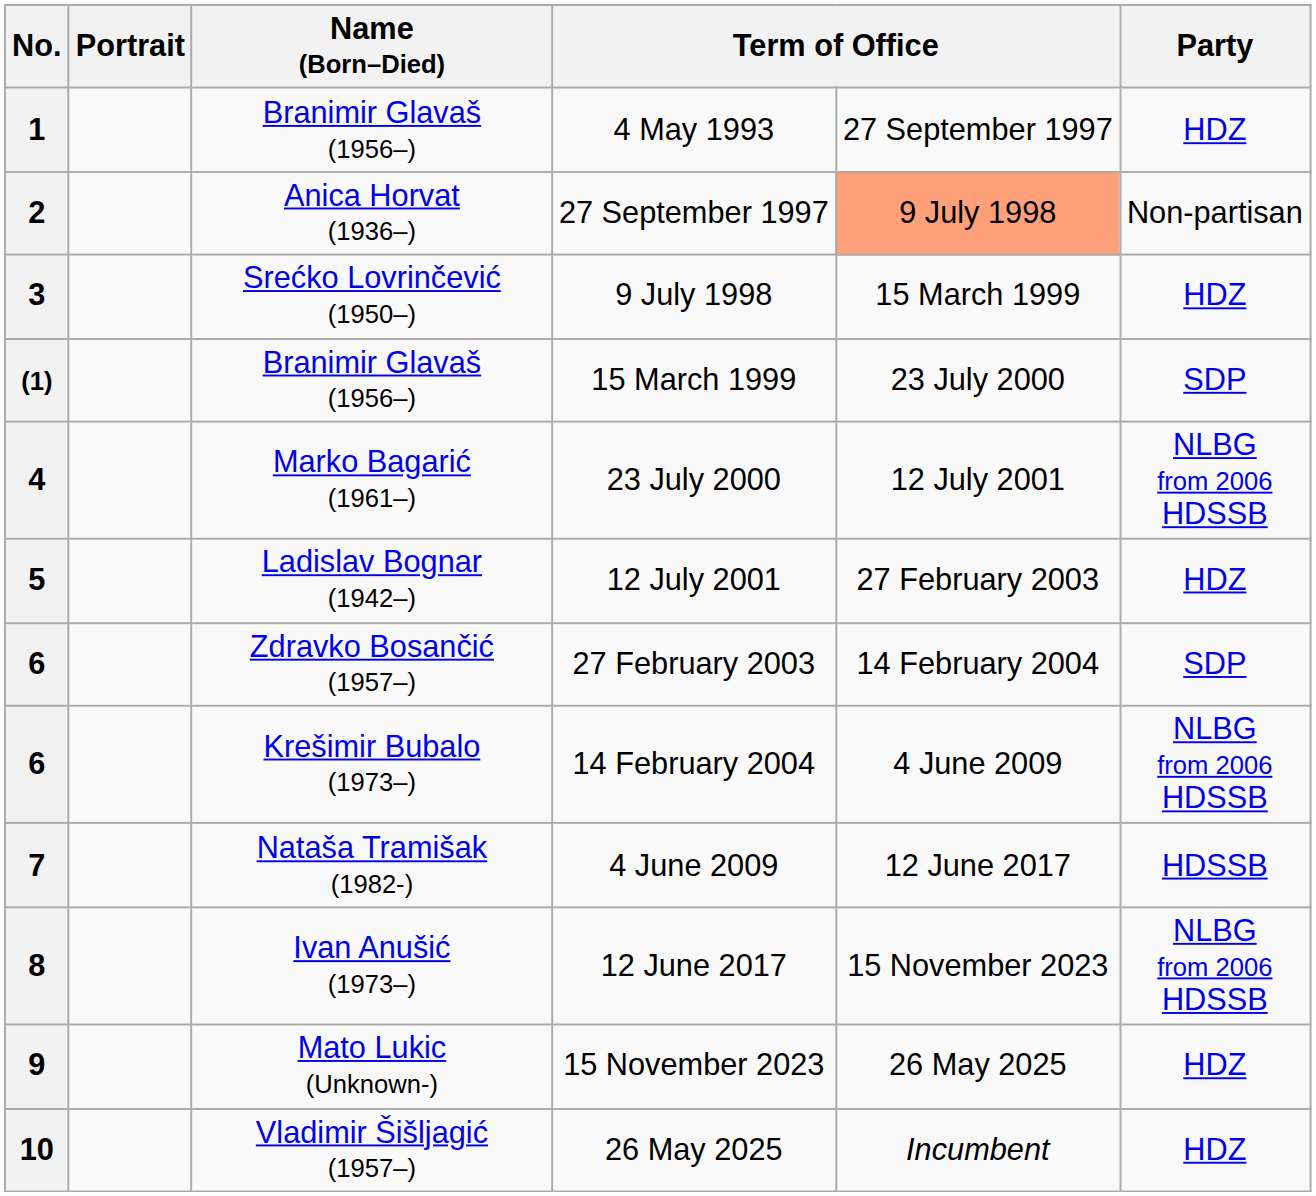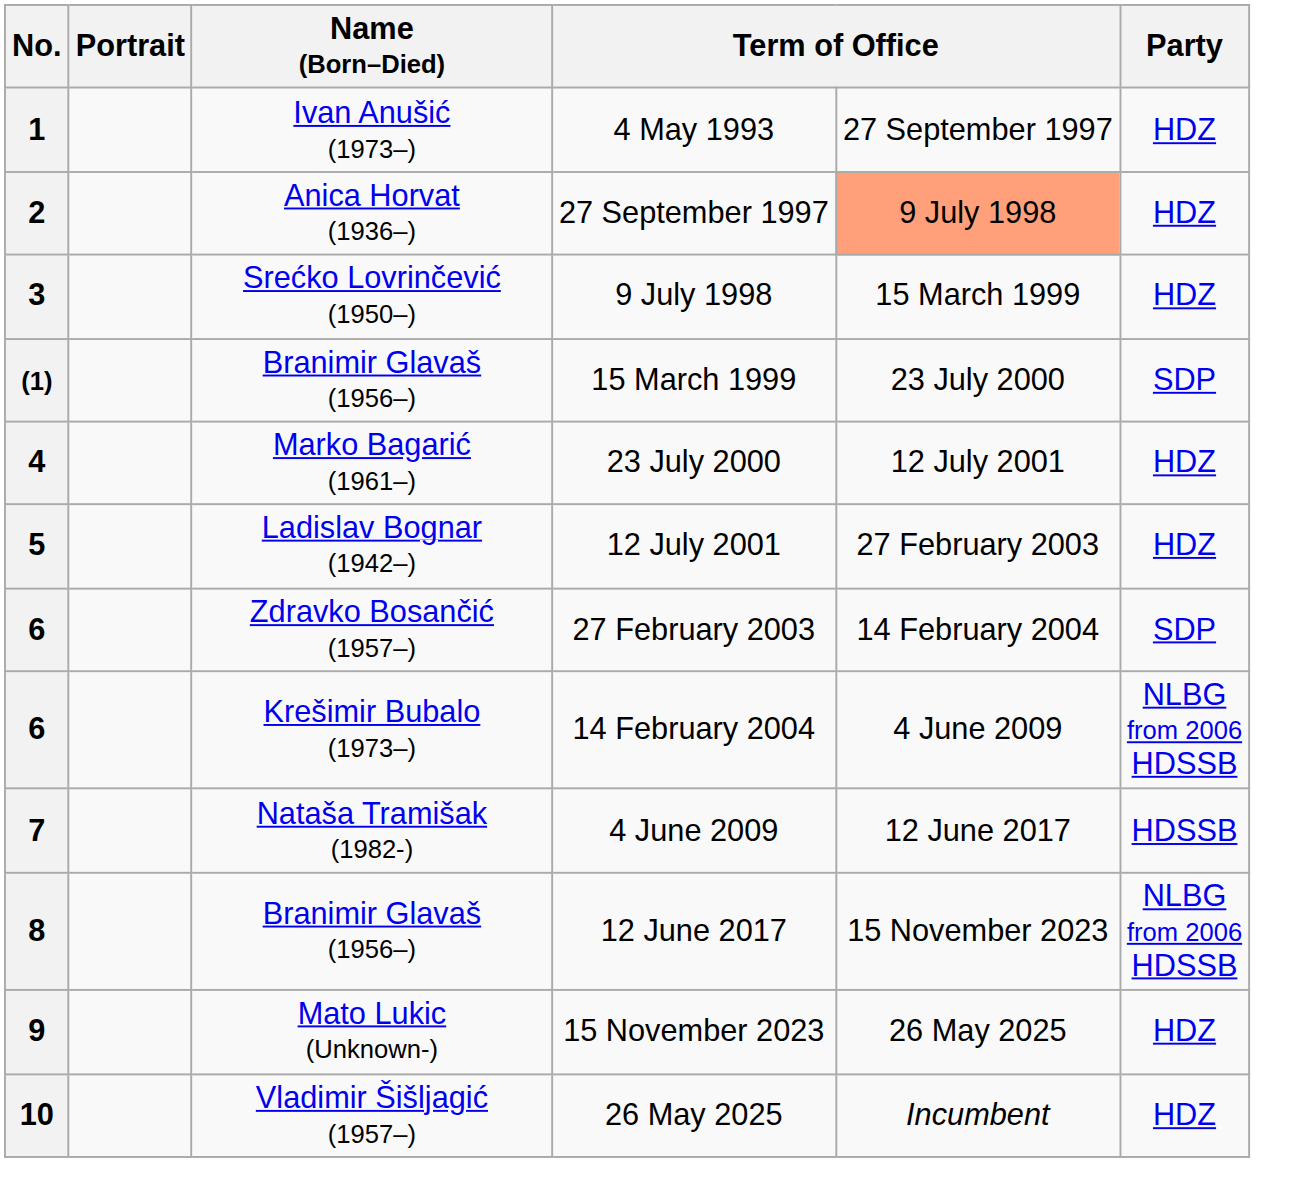 <table class="wikitable" style="text-align:center">
 <tr ->
 <th>No.</th>
 <th>Portrait</th>
 <th width=180>Name<br><small>(Born–Died)</small></th>
 <th colspan=2>Term of Office</th>
 <th>Party</th>
 </tr>
 <tr ->
 <th style="background:">1</th>
 <td></td>
-<td><a href='#'>Branimir Glavaš</a><br><small>(1956–)</small></td>
+<td><a href='#'>Ivan Anušić</a><br><small>(1973–)</small></td>
 <td>4 May 1993</td>
 <td>27 September 1997</td>
 <td><a href='#'>HDZ</a></td>
 </tr>
 <tr ->
 <th style="background:">2</th>
 <td></td>
 <td><a href='#'>Anica Horvat</a><br><small>(1936–)</small></td>
 <td>27 September 1997</td>
 <td style="background: lightsalmon;">9 July 1998</td>
-<td>Non-partisan</td>
+<td><a href='#'>HDZ</a></td>
 </tr>
 <tr ->
 <th style="background:">3</th>
 <td></td>
 <td><a href='#'>Srećko Lovrinčević</a><br><small>(1950–)</small></td>
 <td>9 July 1998</td>
 <td>15 March 1999</td>
 <td><a href='#'>HDZ</a></td>
 </tr>
 <tr ->
 <th style="background:"><small>(1)</small></th>
 <td></td>
 <td><a href='#'>Branimir Glavaš</a><br><small>(1956–)</small></td>
 <td>15 March 1999</td>
 <td>23 July 2000</td>
 <td><a href='#'>SDP</a></td>
 </tr>
 <tr ->
 <th style="background:">4</th>
 <td></td>
 <td><a href='#'>Marko Bagarić</a><br><small>(1961–)</small></td>
 <td>23 July 2000</td>
 <td>12 July 2001</td>
-<td><a href='#'>NLBG<br><small>from 2006</small><br>HDSSB</a></td>
+<td><a href='#'>HDZ</a></td>
 </tr>
 <tr ->
 <th style="background:">5</th>
 <td></td>
 <td><a href='#'>Ladislav Bognar</a><br><small>(1942–)</small></td>
 <td>12 July 2001</td>
 <td>27 February 2003</td>
 <td><a href='#'>HDZ</a></td>
 </tr>
 <tr ->
 <th style="background:">6</th>
 <td></td>
 <td><a href='#'>Zdravko Bosančić</a><br><small>(1957–)</small></td>
 <td>27 February 2003</td>
 <td>14 February 2004</td>
 <td><a href='#'>SDP</a></td>
 </tr>
 <tr ->
 <th style="background:">6</th>
 <td></td>
 <td><a href='#'>Krešimir Bubalo</a><br><small>(1973–)</small></td>
 <td>14 February 2004</td>
 <td>4 June 2009</td>
 <td><a href='#'>NLBG<br><small>from 2006</small><br>HDSSB</a></td>
 </tr>
 <tr ->
 <th style="background:">7</th>
 <td></td>
 <td><a href='#'>Nataša Tramišak</a><br><small>(1982-)</small></td>
 <td>4 June 2009</td>
 <td>12  June 2017</td>
 <td><a href='#'>HDSSB</a></td>
 </tr>
 <tr ->
 <th style="background:">8</th>
 <td></td>
-<td><a href='#'>Ivan Anušić</a><br><small>(1973–)</small></td>
+<td><a href='#'>Branimir Glavaš</a><br><small>(1956–)</small></td>
 <td>12 June 2017</td>
 <td>15 November 2023</td>
 <td><a href='#'>NLBG<br><small>from 2006</small><br>HDSSB</a></td>
 </tr>
 <tr ->
 <th style="background:">9</th>
 <td></td>
 <td><a href='#'>Mato Lukic</a><br><small>(Unknown-)</small></td>
 <td>15 November 2023</td>
 <td>26 May 2025</td>
 <td><a href='#'>HDZ</a></td>
 </tr>
 <tr ->
 <th style="background:">10</th>
 <td></td>
 <td><a href='#'>Vladimir Šišljagić</a><br><small>(1957–)</small></td>
 <td>26 May 2025</td>
 <td><em>Incumbent</em></td>
 <td><a href='#'>HDZ</a></td>
 </tr>
 </table>
